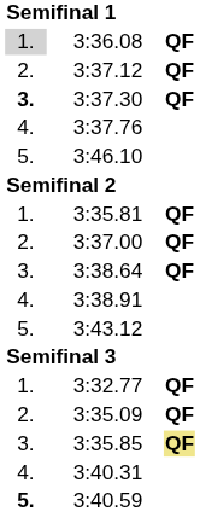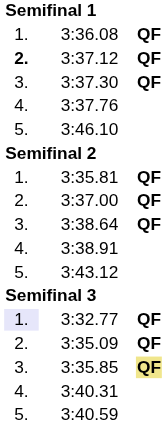 <table style="text-align:center">
 <tr>
 <td colspan=4 align=left><strong>Semifinal 1</strong></td>
 </tr>
 <tr>
-<td width=30 style="background: lightgrey;">1.</td>
+<td width=30>1.</td>
 <td align=left></td>
 <td width=80>3:36.08</td>
 <td><strong>QF</strong></td>
 </tr>
 <tr>
-<td>2.</td>
+<td><strong>2.</strong></td>
 <td align=left></td>
 <td>3:37.12</td>
 <td><strong>QF</strong></td>
 </tr>
 <tr>
-<td><strong>3.</strong></td>
+<td>3.</td>
 <td align=left></td>
 <td>3:37.30</td>
 <td><strong>QF</strong></td>
 </tr>
 <tr>
 <td>4.</td>
 <td align=left></td>
 <td>3:37.76</td>
 <td></td>
 </tr>
 <tr>
 <td>5.</td>
 <td align=left></td>
 <td>3:46.10</td>
 <td></td>
 </tr>
 <tr>
 <td colspan=4 align=left><strong>Semifinal 2</strong></td>
 </tr>
 <tr>
 <td>1.</td>
 <td align=left></td>
 <td>3:35.81</td>
 <td><strong>QF</strong></td>
 </tr>
 <tr>
 <td>2.</td>
 <td align=left></td>
 <td>3:37.00</td>
 <td><strong>QF</strong></td>
 </tr>
 <tr>
 <td>3.</td>
 <td align=left></td>
 <td>3:38.64</td>
 <td><strong>QF</strong></td>
 </tr>
 <tr>
 <td>4.</td>
 <td align=left></td>
 <td>3:38.91</td>
 <td></td>
 </tr>
 <tr>
 <td>5.</td>
 <td align=left></td>
 <td>3:43.12</td>
 <td></td>
 </tr>
 <tr>
 <td colspan=4 align=left><strong>Semifinal 3</strong></td>
 </tr>
 <tr>
-<td>1.</td>
+<td style="background: lavender;">1.</td>
 <td align=left></td>
 <td>3:32.77</td>
 <td><strong>QF</strong></td>
 </tr>
 <tr>
 <td>2.</td>
 <td align=left></td>
 <td>3:35.09</td>
 <td><strong>QF</strong></td>
 </tr>
 <tr>
 <td>3.</td>
 <td align=left></td>
 <td>3:35.85</td>
 <td style="background: khaki;"><strong>QF</strong></td>
 </tr>
 <tr>
 <td>4.</td>
 <td align=left></td>
 <td>3:40.31</td>
 <td></td>
 </tr>
 <tr>
-<td><strong>5.</strong></td>
+<td>5.</td>
 <td align=left></td>
 <td>3:40.59</td>
 <td></td>
 </tr>
 </table>
